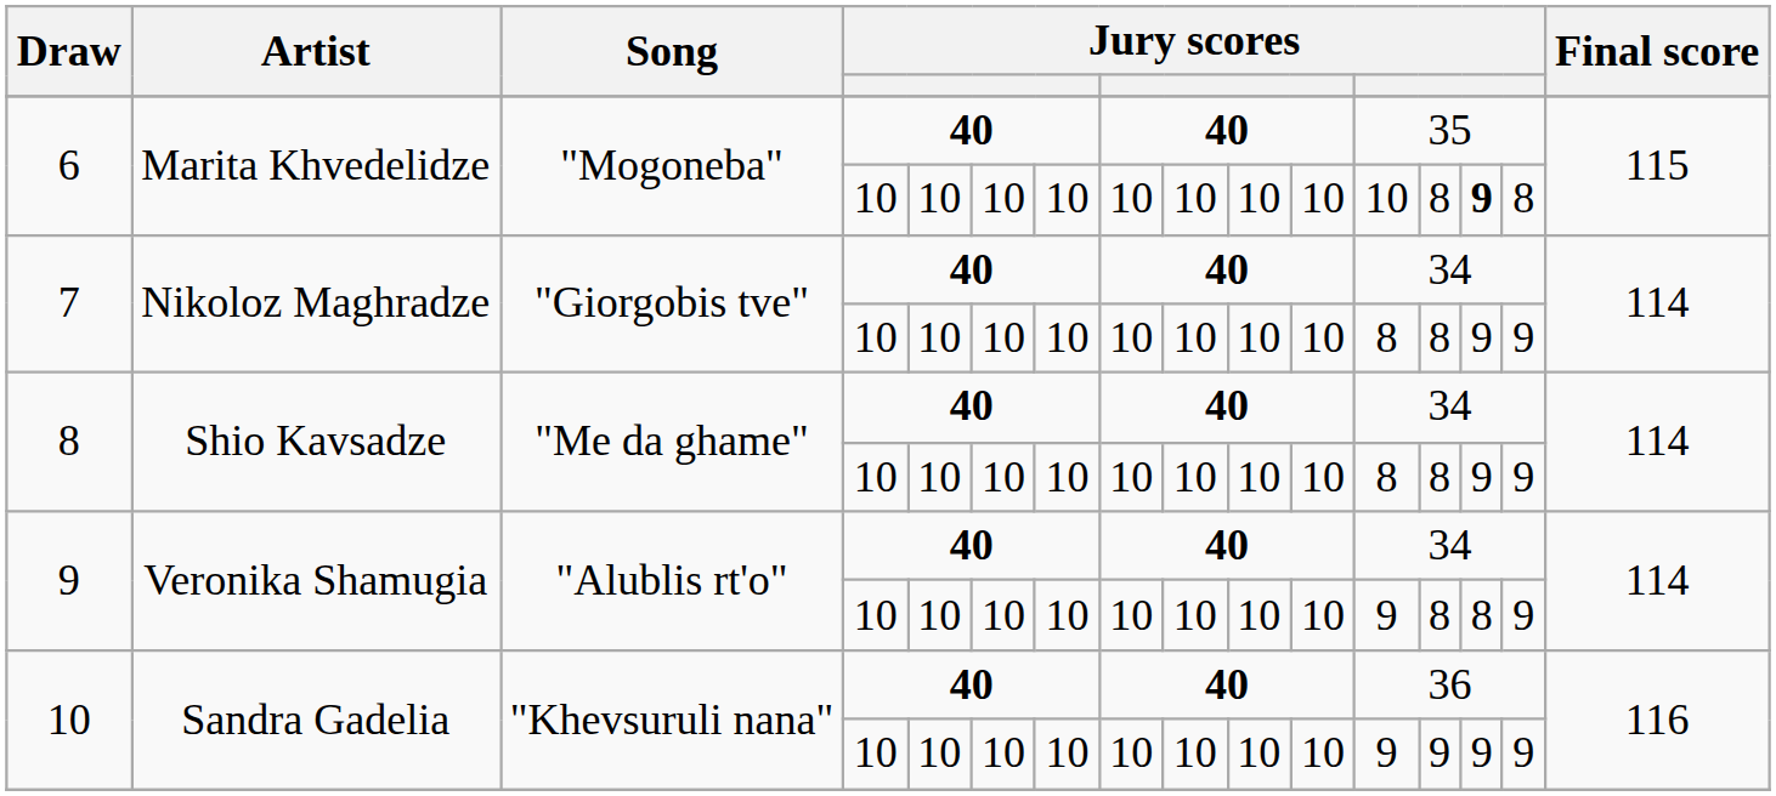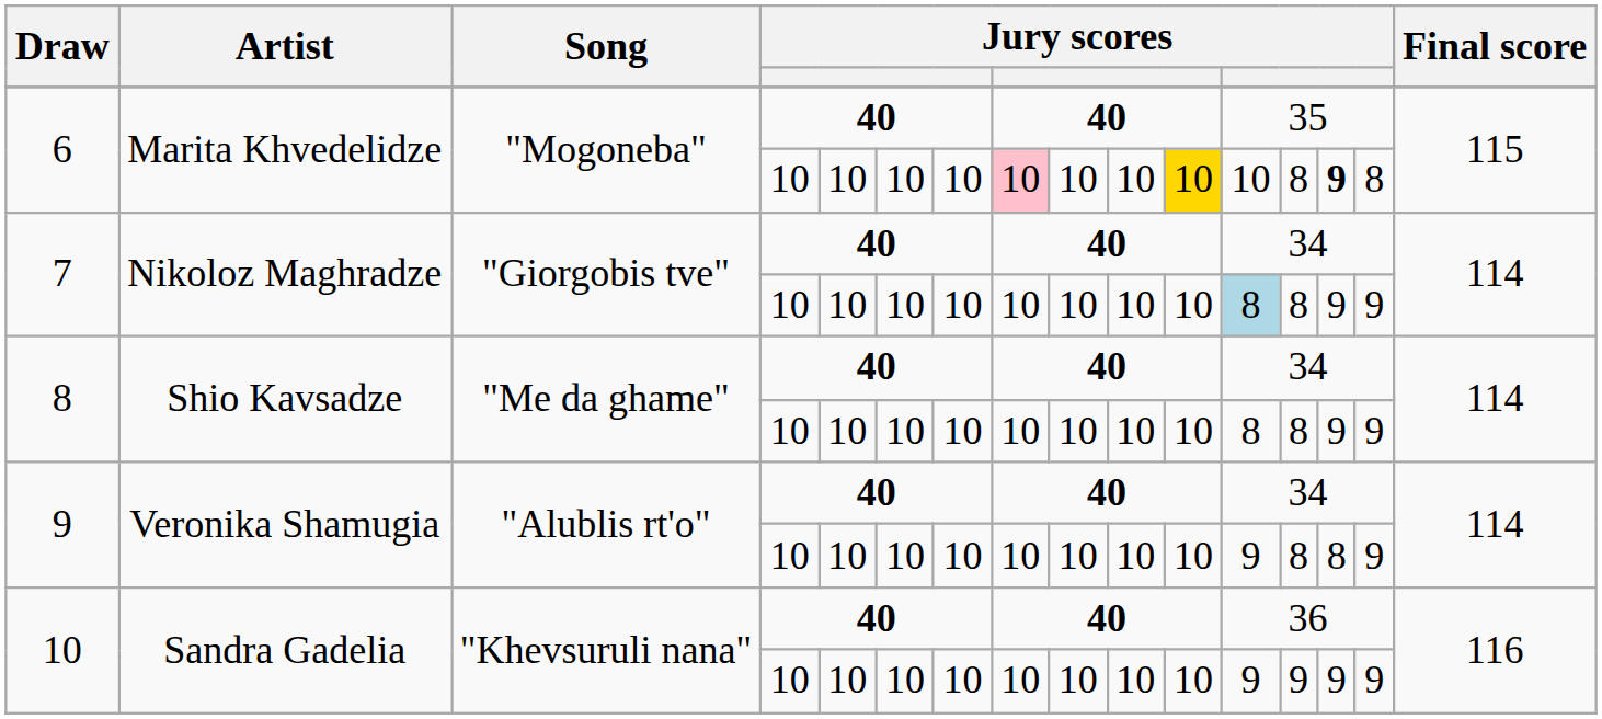 <table class="sortable wikitable" style="text-align:center;margin:1em auto 1em auto">
 <tr>
 <th scope="col" rowspan=2>Draw</th>
 <th scope="col" rowspan=2>Artist</th>
 <th scope="col" rowspan=2>Song</th>
 <th scope="col" colspan=12>Jury scores</th>
 <th scope="col" rowspan=2>Final score</th>
 </tr>
 <tr>
 <th scope="col" class="unsortable" colspan=4><small></small></th>
 <th scope="col" class="unsortable" colspan=4><small></small></th>
 <th scope="col" class="unsortable" colspan=4><small></small></th>
 </tr>
 <tr>
 </tr>
 <tr>
 <td rowspan=2>6</td>
 <td rowspan=2>Marita Khvedelidze<br></td>
 <td rowspan=2>"Mogoneba"<br></td>
 <td colspan=4><strong>40</strong></td>
 <td colspan=4><strong>40</strong></td>
 <td colspan=4>35</td>
 <td rowspan=2>115</td>
 </tr>
 <tr>
 <td>10</td>
 <td>10</td>
 <td>10</td>
 <td>10</td>
+<td style="background: pink;">10</td>
 <td>10</td>
 <td>10</td>
-<td>10</td>
-<td>10</td>
+<td style="background: gold;">10</td>
 <td>10</td>
 <td>8</td>
 <td><strong>9</strong></td>
 <td>8</td>
 </tr>
 <tr>
 <td rowspan=2>7</td>
 <td rowspan=2>Nikoloz Maghradze<br></td>
 <td rowspan=2>"Giorgobis tve"<br></td>
 <td colspan=4><strong>40</strong></td>
 <td colspan=4><strong>40</strong></td>
 <td colspan=4>34</td>
 <td rowspan=2>114</td>
 </tr>
 <tr>
 <td>10</td>
 <td>10</td>
 <td>10</td>
 <td>10</td>
 <td>10</td>
 <td>10</td>
 <td>10</td>
 <td>10</td>
-<td>8</td>
+<td style="background: lightblue;">8</td>
 <td>8</td>
 <td>9</td>
 <td>9</td>
 </tr>
 <tr>
 <td rowspan=2>8</td>
 <td rowspan=2>Shio Kavsadze<br></td>
 <td rowspan=2>"Me da ghame"<br></td>
 <td colspan=4><strong>40</strong></td>
 <td colspan=4><strong>40</strong></td>
 <td colspan=4>34</td>
 <td rowspan=2>114</td>
 </tr>
 <tr>
 <td>10</td>
 <td>10</td>
 <td>10</td>
 <td>10</td>
 <td>10</td>
 <td>10</td>
 <td>10</td>
 <td>10</td>
 <td>8</td>
 <td>8</td>
 <td>9</td>
 <td>9</td>
 </tr>
 <tr>
 <td rowspan=2>9</td>
 <td rowspan=2>Veronika Shamugia<br></td>
 <td rowspan=2>"Alublis rt'o"<br></td>
 <td colspan=4><strong>40</strong></td>
 <td colspan=4><strong>40</strong></td>
 <td colspan=4>34</td>
 <td rowspan=2>114</td>
 </tr>
 <tr>
 <td>10</td>
 <td>10</td>
 <td>10</td>
 <td>10</td>
 <td>10</td>
 <td>10</td>
 <td>10</td>
 <td>10</td>
 <td>9</td>
 <td>8</td>
 <td>8</td>
 <td>9</td>
 </tr>
 <tr>
 <td rowspan=2>10</td>
 <td rowspan=2>Sandra Gadelia<br></td>
 <td rowspan=2>"Khevsuruli nana"<br></td>
 <td colspan=4><strong>40</strong></td>
 <td colspan=4><strong>40</strong></td>
 <td colspan=4>36</td>
 <td rowspan=2>116</td>
 </tr>
 <tr>
 <td>10</td>
 <td>10</td>
 <td>10</td>
 <td>10</td>
 <td>10</td>
 <td>10</td>
 <td>10</td>
 <td>10</td>
 <td>9</td>
 <td>9</td>
 <td>9</td>
 <td>9</td>
 </tr>
 <tr>
 </tr>
 </table>
